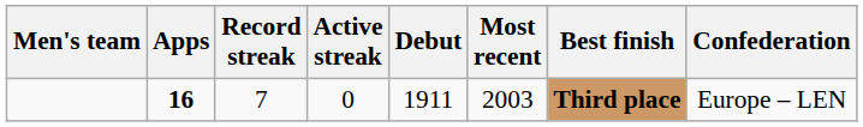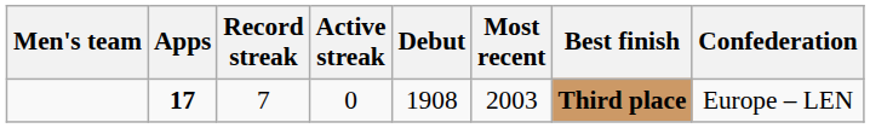 <table class="wikitable" style="text-align: center; font-size: 90%; margin-left: 1em;">
 <tr>
 <th>Men's team</th>
 <th>Apps</th>
 <th>Record<br>streak</th>
 <th>Active<br>streak</th>
 <th>Debut</th>
 <th>Most<br>recent</th>
 <th>Best finish</th>
 <th>Confederation</th>
 </tr>
 <tr>
 <td style="text-align: left;"></td>
-<td><strong>16</strong></td>
+<td><strong>17</strong></td>
 <td>7</td>
 <td>0</td>
-<td>1911</td>
+<td>1908</td>
 <td>2003</td>
 <td style="background-color: #cc9966;"><strong>Third place</strong></td>
 <td>Europe – LEN</td>
 </tr>
 </table>
